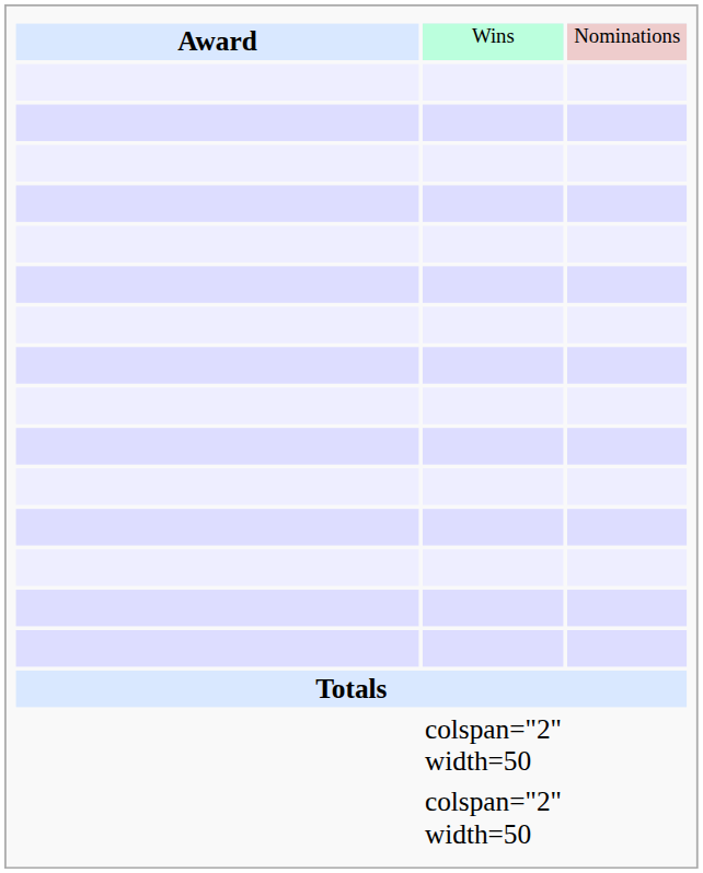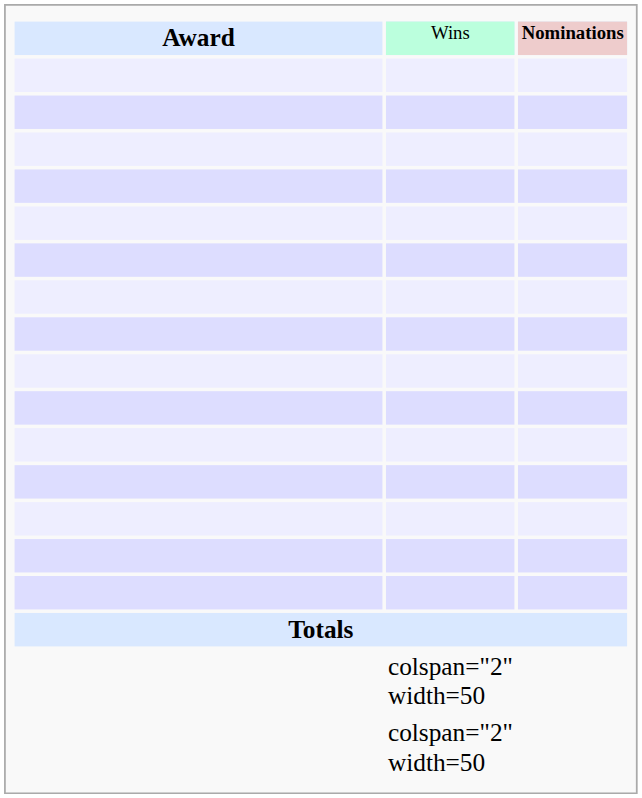 <table class="infobox" style="width: 25em; text-align: left; font-size: 90%; vertical-align: middle;">
 <tr>
 <td colspan="3" style="text-align:center;"></td>
 </tr>
 <tr bgcolor=#D9E8FF style="text-align:center;">
 <th style="vertical-align: middle;">Award</th>
 <td style="background:#BFD; font-size:8pt;" width="60px">Wins</td>
-<td style="background:#eecccc; font-size:8pt;" width="60px">Nominations</td>
+<td style="background:#eecccc; font-size:8pt;" width="60px"><strong>Nominations</strong></td>
 </tr>
 <tr bgcolor=#eeeeff>
 <td align="center"><br></td>
 <td></td>
 <td></td>
 </tr>
 <tr bgcolor=#ddddff>
 <td align="center"><br></td>
 <td></td>
 <td></td>
 </tr>
 <tr bgcolor=#eeeeff>
 <td align="center"><br></td>
 <td></td>
 <td></td>
 </tr>
 <tr bgcolor=#ddddff>
 <td align="center"><br></td>
 <td></td>
 <td></td>
 </tr>
 <tr bgcolor=#eeeeff>
 <td align="center"><br></td>
 <td></td>
 <td></td>
 </tr>
 <tr bgcolor=#ddddff>
 <td align="center"><br></td>
 <td></td>
 <td></td>
 </tr>
 <tr bgcolor=#eeeeff>
 <td align="center"><br></td>
 <td></td>
 <td></td>
 </tr>
 <tr bgcolor=#ddddff>
 <td align="center"><br></td>
 <td></td>
 <td></td>
 </tr>
 <tr bgcolor=#eeeeff>
 <td align="center"><br></td>
 <td></td>
 <td></td>
 </tr>
 <tr bgcolor=#ddddff>
 <td align="center"><br></td>
 <td></td>
 <td></td>
 </tr>
 <tr bgcolor=#eeeeff>
 <td align="center"><br></td>
 <td></td>
 <td></td>
 </tr>
 <tr bgcolor=#ddddff>
 <td align="center"><br></td>
 <td></td>
 <td></td>
 </tr>
 <tr bgcolor=#eeeeff>
 <td align="center"><br></td>
 <td></td>
 <td></td>
 </tr>
 <tr bgcolor=#ddddff>
 <td align="center"><br></td>
 <td></td>
 <td></td>
 </tr>
 <tr bgcolor=#ddddff>
 <td align="center"><br></td>
 <td></td>
 <td></td>
 </tr>
 <tr bgcolor=#D9E8FF>
 <td colspan="3" style="text-align:center;"><strong>Totals</strong></td>
 </tr>
 <tr>
 <td></td>
 <td>colspan="2" width=50 </td>
 </tr>
 <tr>
 <td></td>
 <td>colspan="2" width=50 </td>
 </tr>
 <tr>
 </tr>
 </table>
